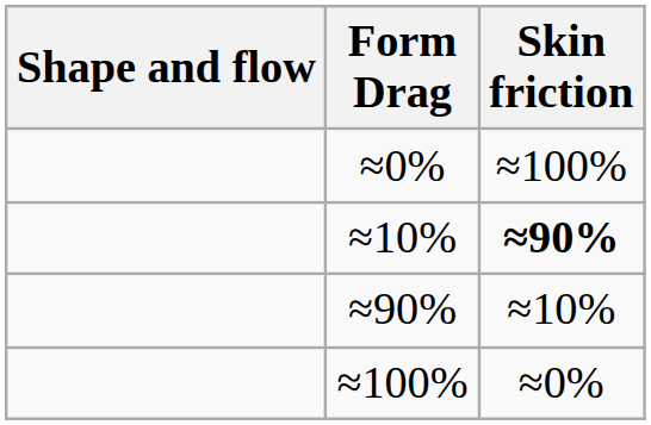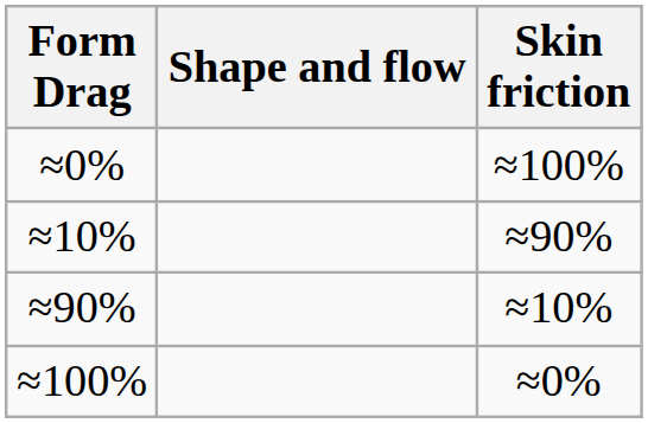 <table class="wikitable floatright" style="text-align: center;">
 <tr>
+<th>Form<br>Drag</th>
 <th>Shape and flow</th>
-<th>Form<br>Drag</th>
 <th>Skin<br>friction</th>
 </tr>
 <tr>
+<td>≈0%</td>
 <td></td>
-<td>≈0%</td>
 <td>≈100%</td>
 </tr>
 <tr>
+<td>≈10%</td>
 <td></td>
-<td>≈10%</td>
-<td><strong>≈90%</strong></td>
+<td>≈90%</td>
 </tr>
 <tr>
+<td>≈90%</td>
 <td></td>
-<td>≈90%</td>
 <td>≈10%</td>
 </tr>
 <tr>
+<td>≈100%</td>
 <td></td>
-<td>≈100%</td>
 <td>≈0%</td>
 </tr>
 </table>
